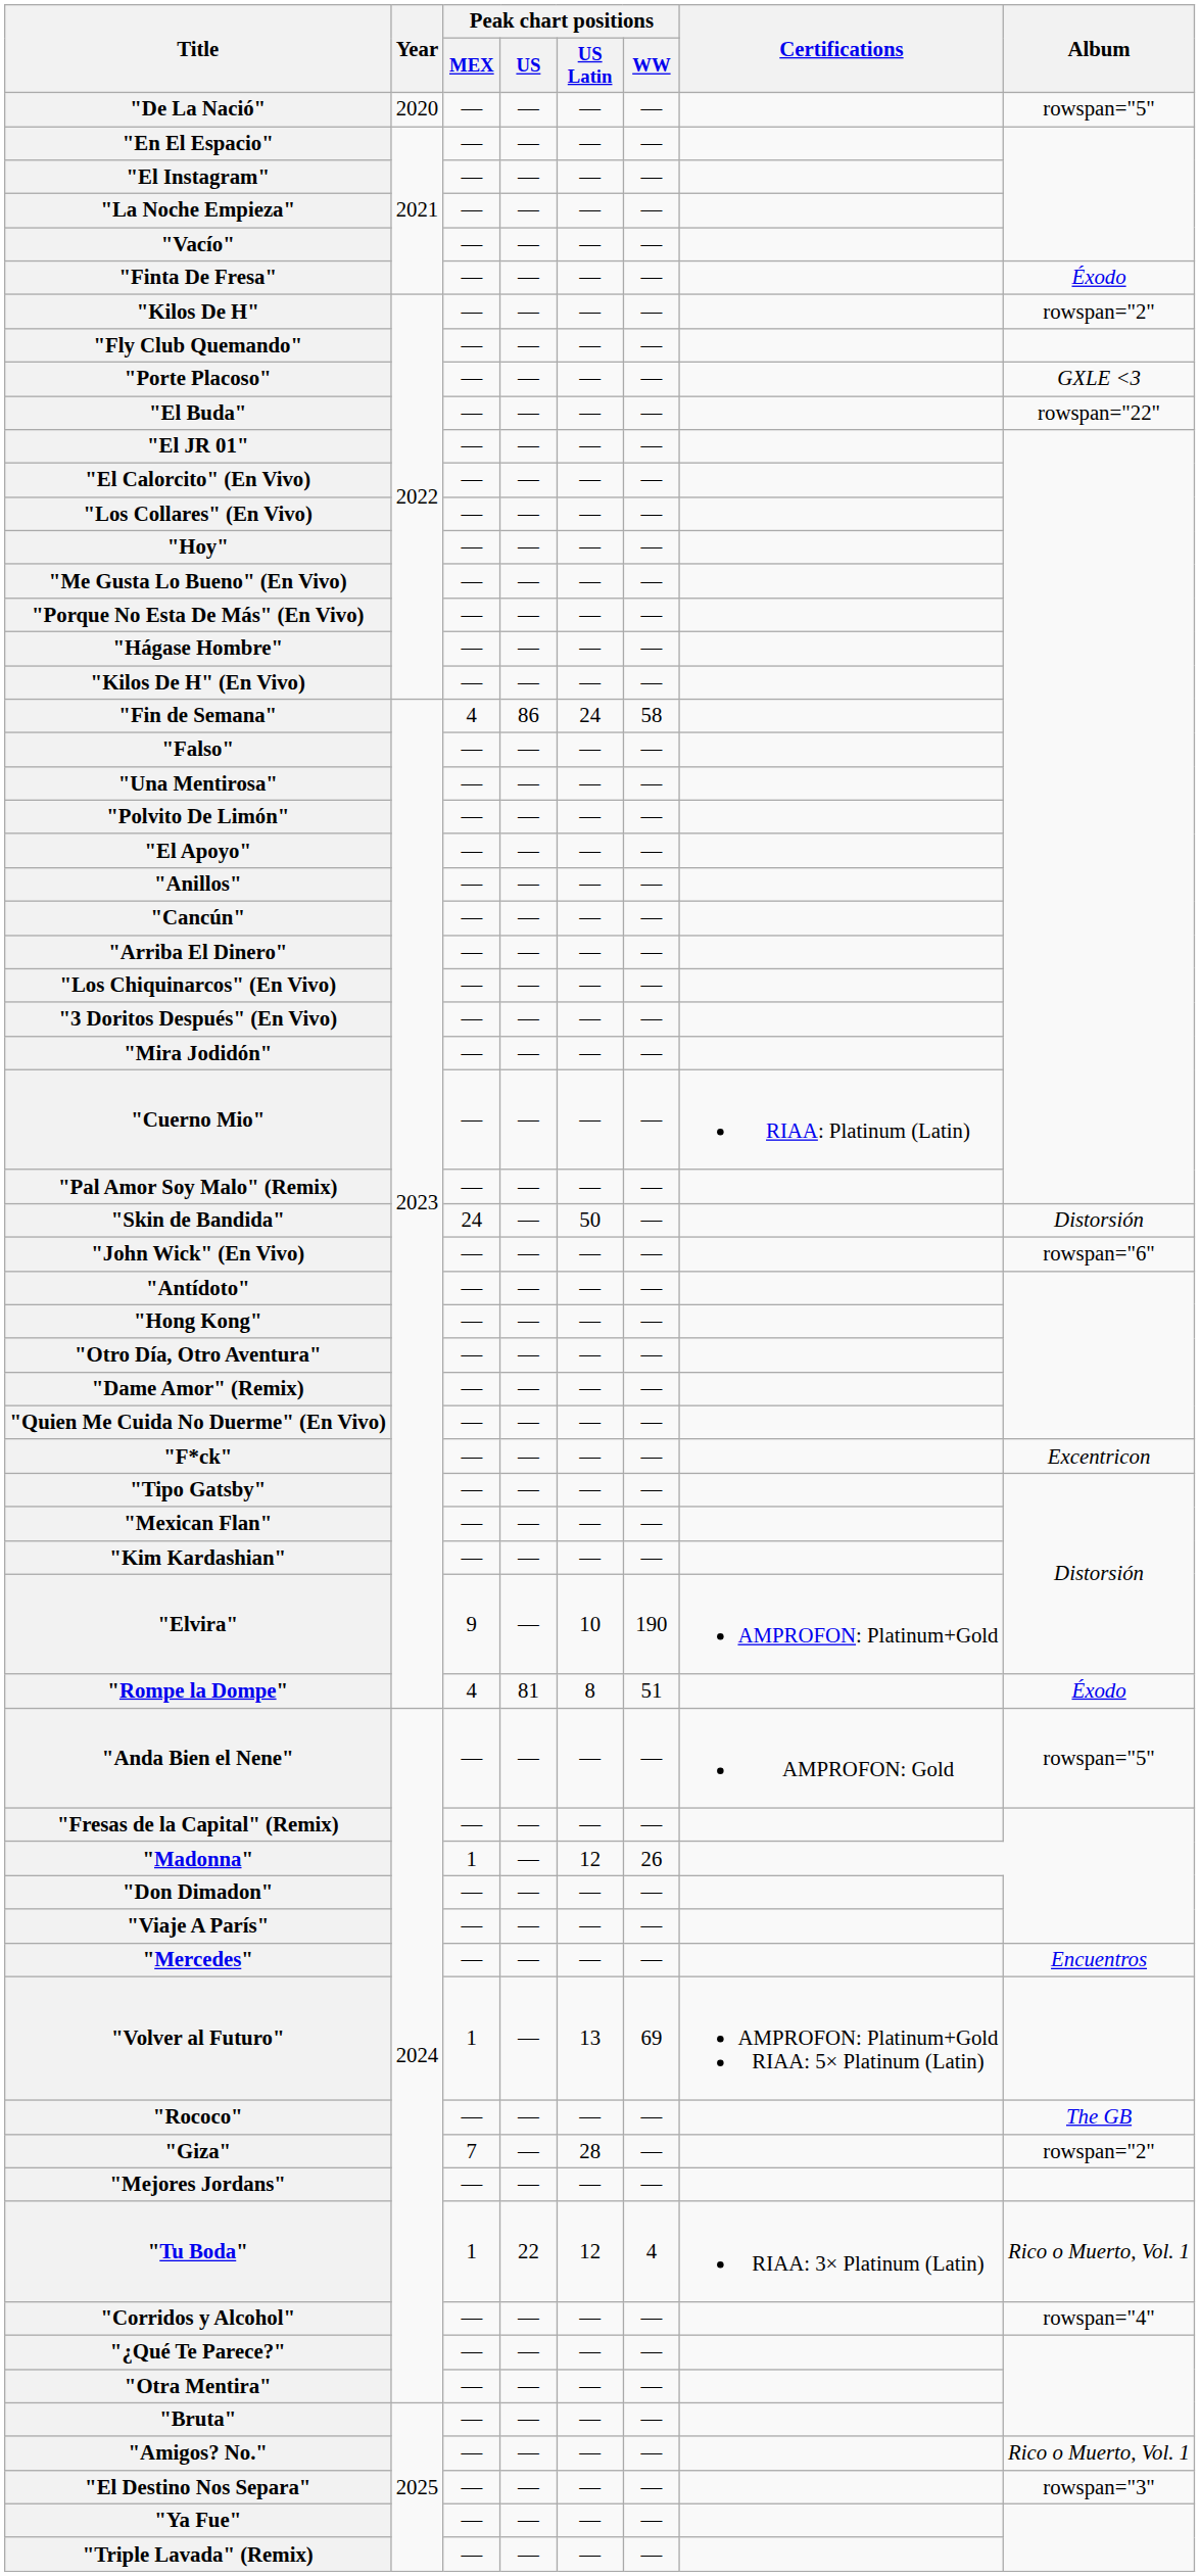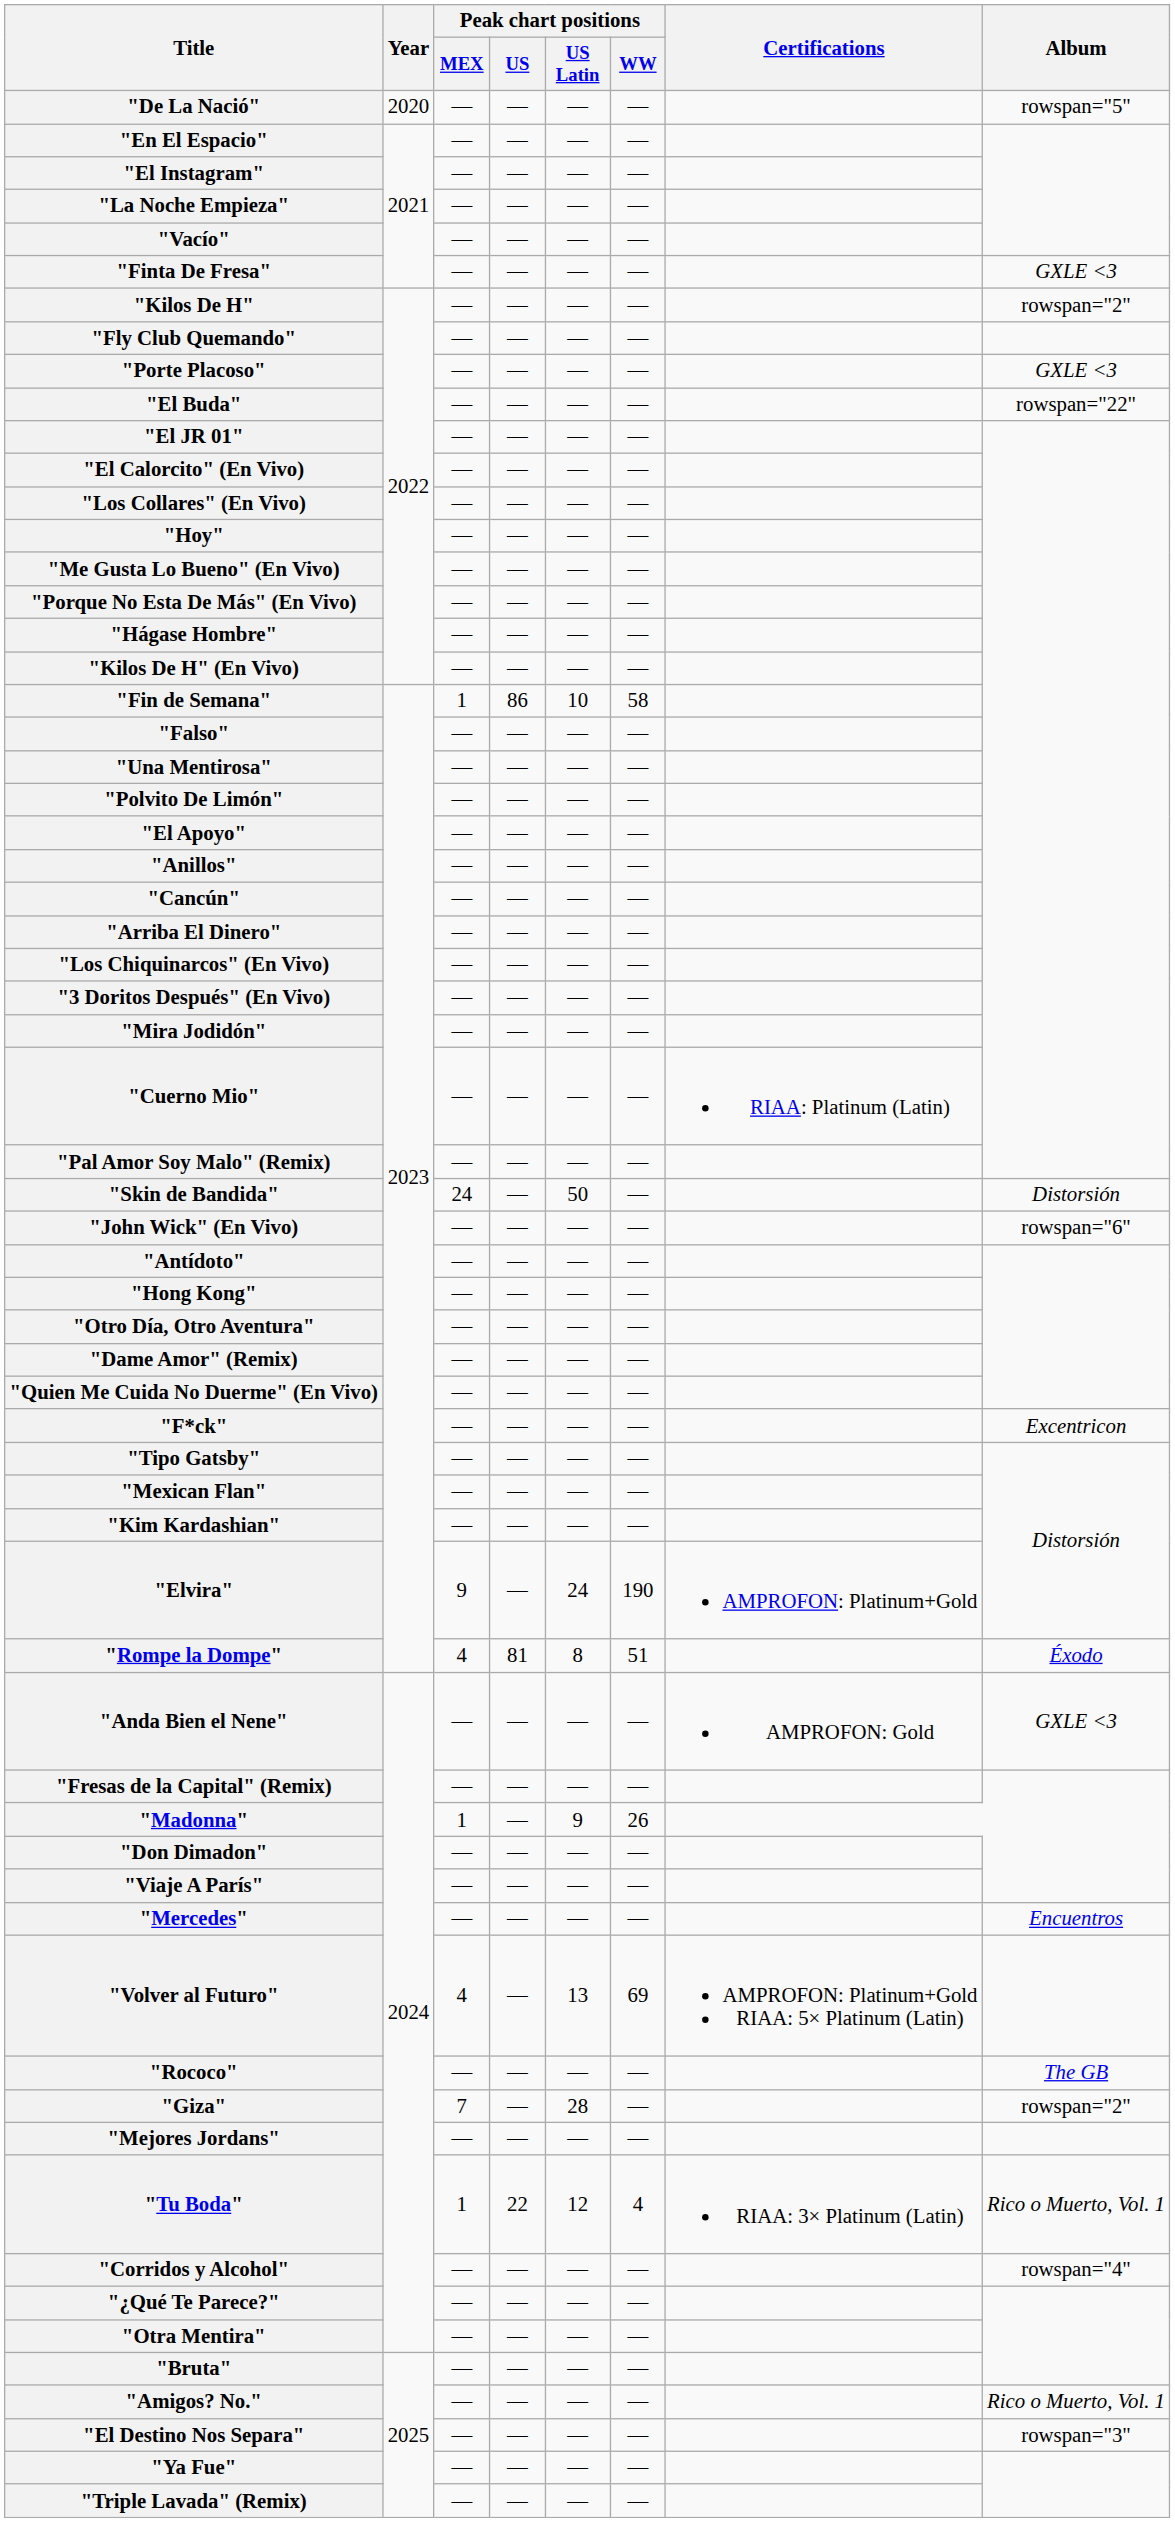 <table class="wikitable plainrowheaders" style="text-align:center;">
 <tr>
 <th scope="col" rowspan="2">Title</th>
 <th scope="col" rowspan="2">Year</th>
 <th scope="col" colspan="4">Peak chart positions</th>
 <th scope="col" rowspan="2"><a href='#'>Certifications</a></th>
 <th scope="col" rowspan="2">Album</th>
 </tr>
 <tr>
 <th scope="col" style="width:2.5em;font-size:90%;"><a href='#'>MEX</a><br></th>
 <th scope="col" style="width:2.5em;font-size:90%;"><a href='#'>US</a><br></th>
 <th scope="col" style="width:3em; font-size:90%;"><a href='#'>US<br>Latin</a><br></th>
 <th scope="col" style="width:2.5em;font-size:90%;"><a href='#'>WW</a><br></th>
 </tr>
 <tr>
 <th scope="row">"De La Nació"</th>
 <td>2020</td>
 <td>—</td>
 <td>—</td>
 <td>—</td>
 <td>—</td>
 <td></td>
 <td>rowspan="5" </td>
 </tr>
 <tr>
 <th scope="row">"En El Espacio" <br></th>
 <td rowspan="5">2021</td>
 <td>—</td>
 <td>—</td>
 <td>—</td>
 <td>—</td>
 <td></td>
 </tr>
 <tr>
 <th scope="row">"El Instagram"</th>
 <td>—</td>
 <td>—</td>
 <td>—</td>
 <td>—</td>
 <td></td>
 </tr>
 <tr>
 <th scope="row">"La Noche Empieza"<br></th>
 <td>—</td>
 <td>—</td>
 <td>—</td>
 <td>—</td>
 <td></td>
 </tr>
 <tr>
 <th scope="row">"Vacío"</th>
 <td>—</td>
 <td>—</td>
 <td>—</td>
 <td>—</td>
 <td></td>
 </tr>
 <tr>
 <th scope="row">"Finta De Fresa"<br></th>
 <td>—</td>
 <td>—</td>
 <td>—</td>
 <td>—</td>
 <td></td>
-<td><em><a href='#'>Éxodo</a></em></td>
+<td><em>GXLE <3</em></td>
 </tr>
 <tr>
 <th scope="row">"Kilos De H"</th>
 <td rowspan="12">2022</td>
 <td>—</td>
 <td>—</td>
 <td>—</td>
 <td>—</td>
 <td></td>
 <td>rowspan="2" </td>
 </tr>
 <tr>
 <th scope="row">"Fly Club Quemando"</th>
 <td>—</td>
 <td>—</td>
 <td>—</td>
 <td>—</td>
 <td></td>
 </tr>
 <tr>
 <th scope="row">"Porte Placoso"<br></th>
 <td>—</td>
 <td>—</td>
 <td>—</td>
 <td>—</td>
 <td></td>
 <td><em>GXLE <3</em></td>
 </tr>
 <tr>
 <th scope="row">"El Buda"<br></th>
 <td>—</td>
 <td>—</td>
 <td>—</td>
 <td>—</td>
 <td></td>
 <td>rowspan="22" </td>
 </tr>
 <tr>
 <th scope="row">"El JR 01"<br></th>
 <td>—</td>
 <td>—</td>
 <td>—</td>
 <td>—</td>
 <td></td>
 </tr>
 <tr>
 <th scope="row">"El Calorcito" (En Vivo)<br></th>
 <td>—</td>
 <td>—</td>
 <td>—</td>
 <td>—</td>
 <td></td>
 </tr>
 <tr>
 <th scope="row">"Los Collares" (En Vivo)<br></th>
 <td>—</td>
 <td>—</td>
 <td>—</td>
 <td>—</td>
 <td></td>
 </tr>
 <tr>
 <th scope="row">"Hoy"<br></th>
 <td>—</td>
 <td>—</td>
 <td>—</td>
 <td>—</td>
 <td></td>
 </tr>
 <tr>
 <th scope="row">"Me Gusta Lo Bueno" (En Vivo)</th>
 <td>—</td>
 <td>—</td>
 <td>—</td>
 <td>—</td>
 <td></td>
 </tr>
 <tr>
 <th scope="row">"Porque No Esta De Más" (En Vivo)<br></th>
 <td>—</td>
 <td>—</td>
 <td>—</td>
 <td>—</td>
 <td></td>
 </tr>
 <tr>
 <th scope="row">"Hágase Hombre"<br></th>
 <td>—</td>
 <td>—</td>
 <td>—</td>
 <td>—</td>
 <td></td>
 </tr>
 <tr>
 <th scope="row">"Kilos De H" (En Vivo)<br></th>
 <td>—</td>
 <td>—</td>
 <td>—</td>
 <td>—</td>
 <td></td>
 </tr>
 <tr>
 <th scope="row">"Fin de Semana"<br></th>
 <td rowspan="26">2023</td>
-<td>4</td>
+<td>1</td>
 <td>86</td>
-<td>24</td>
+<td>10</td>
 <td>58</td>
 <td></td>
 </tr>
 <tr>
 <th scope="row">"Falso"</th>
 <td>—</td>
 <td>—</td>
 <td>—</td>
 <td>—</td>
 <td></td>
 </tr>
 <tr>
 <th scope="row">"Una Mentirosa"<br></th>
 <td>—</td>
 <td>—</td>
 <td>—</td>
 <td>—</td>
 <td></td>
 </tr>
 <tr>
 <th scope="row">"Polvito De Limón"<br></th>
 <td>—</td>
 <td>—</td>
 <td>—</td>
 <td>—</td>
 <td></td>
 </tr>
 <tr>
 <th scope="row">"El Apoyo"<br></th>
 <td>—</td>
 <td>—</td>
 <td>—</td>
 <td>—</td>
 <td></td>
 </tr>
 <tr>
 <th scope="row">"Anillos"<br></th>
 <td>—</td>
 <td>—</td>
 <td>—</td>
 <td>—</td>
 <td></td>
 </tr>
 <tr>
 <th scope="row">"Cancún"</th>
 <td>—</td>
 <td>—</td>
 <td>—</td>
 <td>—</td>
 <td></td>
 </tr>
 <tr>
 <th scope="row">"Arriba El Dinero"</th>
 <td>—</td>
 <td>—</td>
 <td>—</td>
 <td>—</td>
 <td></td>
 </tr>
 <tr>
 <th scope="row">"Los Chiquinarcos" (En Vivo)<br></th>
 <td>—</td>
 <td>—</td>
 <td>—</td>
 <td>—</td>
 <td></td>
 </tr>
 <tr>
 <th scope="row">"3 Doritos Después" (En Vivo)<br></th>
 <td>—</td>
 <td>—</td>
 <td>—</td>
 <td>—</td>
 <td></td>
 </tr>
 <tr>
 <th scope="row">"Mira Jodidón"<br></th>
 <td>—</td>
 <td>—</td>
 <td>—</td>
 <td>—</td>
 <td></td>
 </tr>
 <tr>
 <th scope="row">"Cuerno Mio"<br></th>
 <td>—</td>
 <td>—</td>
 <td>—</td>
 <td>—</td>
 <td><br><ul><li><a href='#'>RIAA</a>: Platinum (Latin)</li></ul></td>
 </tr>
 <tr>
 <th scope="row">"Pal Amor Soy Malo" (Remix)<br></th>
 <td>—</td>
 <td>—</td>
 <td>—</td>
 <td>—</td>
 <td></td>
 </tr>
 <tr>
 <th scope="row">"Skin de Bandida"<br></th>
 <td>24</td>
 <td>—</td>
 <td>50</td>
 <td>—</td>
 <td></td>
 <td><em>Distorsión</em></td>
 </tr>
 <tr>
 <th scope="row">"John Wick" (En Vivo)<br></th>
 <td>—</td>
 <td>—</td>
 <td>—</td>
 <td>—</td>
 <td></td>
 <td>rowspan="6" </td>
 </tr>
 <tr>
 <th scope="row">"Antídoto"<br></th>
 <td>—</td>
 <td>—</td>
 <td>—</td>
 <td>—</td>
 <td></td>
 </tr>
 <tr>
 <th scope="row">"Hong Kong"<br></th>
 <td>—</td>
 <td>—</td>
 <td>—</td>
 <td>—</td>
 <td></td>
 </tr>
 <tr>
 <th scope="row">"Otro Día, Otro Aventura"<br></th>
 <td>—</td>
 <td>—</td>
 <td>—</td>
 <td>—</td>
 <td></td>
 </tr>
 <tr>
 <th scope="row">"Dame Amor" (Remix)<br></th>
 <td>—</td>
 <td>—</td>
 <td>—</td>
 <td>—</td>
 <td></td>
 </tr>
 <tr>
 <th scope="row">"Quien Me Cuida No Duerme" (En Vivo)<br></th>
 <td>—</td>
 <td>—</td>
 <td>—</td>
 <td>—</td>
 <td></td>
 </tr>
 <tr>
 <th scope="row">"F*ck"<br></th>
 <td>—</td>
 <td>—</td>
 <td>—</td>
 <td>—</td>
 <td></td>
 <td><em>Excentricon</em></td>
 </tr>
 <tr>
 <th scope="row">"Tipo Gatsby"<br></th>
 <td>—</td>
 <td>—</td>
 <td>—</td>
 <td>—</td>
 <td></td>
 <td rowspan="4"><em>Distorsión</em></td>
 </tr>
 <tr>
 <th scope="row">"Mexican Flan"<br></th>
 <td>—</td>
 <td>—</td>
 <td>—</td>
 <td>—</td>
 <td></td>
 </tr>
 <tr>
 <th scope="row">"Kim Kardashian"<br></th>
 <td>—</td>
 <td>—</td>
 <td>—</td>
 <td>—</td>
 <td></td>
 </tr>
 <tr>
 <th scope="row">"Elvira"<br></th>
 <td>9</td>
 <td>—</td>
-<td>10</td>
+<td>24</td>
 <td>190</td>
 <td><br><ul><li><a href='#'>AMPROFON</a>: Platinum+Gold</li></ul></td>
 </tr>
 <tr>
 <th scope="row">"<a href='#'>Rompe la Dompe</a>"<br></th>
 <td>4</td>
 <td>81</td>
 <td>8</td>
 <td>51</td>
 <td></td>
 <td><em><a href='#'>Éxodo</a></em></td>
 </tr>
 <tr>
 <th scope="row">"Anda Bien el Nene"<br></th>
 <td rowspan="14">2024</td>
 <td>—</td>
 <td>—</td>
 <td>—</td>
 <td>—</td>
 <td><br><ul><li>AMPROFON: Gold</li></ul></td>
-<td>rowspan="5" </td>
+<td><em>GXLE <3</em></td>
 </tr>
 <tr>
 <th scope="row">"Fresas de la Capital" (Remix)<br></th>
 <td>—</td>
 <td>—</td>
 <td>—</td>
 <td>—</td>
 <td></td>
 </tr>
 <tr>
 <th scope="row">"<a href='#'>Madonna</a>"<br></th>
 <td>1</td>
 <td>—</td>
-<td>12</td>
+<td>9</td>
 <td>26</td>
 </tr>
 <tr>
 <th scope="row">"Don Dimadon"<br></th>
 <td>—</td>
 <td>—</td>
 <td>—</td>
 <td>—</td>
 <td></td>
 </tr>
 <tr>
 <th scope="row">"Viaje A París"<br></th>
 <td>—</td>
 <td>—</td>
 <td>—</td>
 <td>—</td>
 <td></td>
 </tr>
 <tr>
 <th scope="row">"<a href='#'>Mercedes</a>"<br></th>
 <td>—</td>
 <td>—</td>
 <td>—</td>
 <td>—</td>
 <td></td>
 <td><em><a href='#'>Encuentros</a></em></td>
 </tr>
 <tr>
 <th scope="row">"Volver al Futuro"<br></th>
-<td>1</td>
+<td>4</td>
 <td>—</td>
 <td>13</td>
 <td>69</td>
 <td><br><ul><li>AMPROFON: Platinum+Gold</li><li>RIAA: 5× Platinum (Latin)</li></ul></td>
 <td></td>
 </tr>
 <tr>
 <th scope="row">"Rococo"<br></th>
 <td>—</td>
 <td>—</td>
 <td>—</td>
 <td>—</td>
 <td></td>
 <td><em><a href='#'>The GB</a></em></td>
 </tr>
 <tr>
 <th scope="row">"Giza"<br></th>
 <td>7</td>
 <td>—</td>
 <td>28</td>
 <td>—</td>
 <td></td>
 <td>rowspan="2" </td>
 </tr>
 <tr>
 <th scope="row">"Mejores Jordans"<br></th>
 <td>—</td>
 <td>—</td>
 <td>—</td>
 <td>—</td>
 <td></td>
 </tr>
 <tr>
 <th scope="row">"<a href='#'>Tu Boda</a>"<br></th>
 <td>1</td>
 <td>22</td>
 <td>12</td>
 <td>4</td>
 <td><br><ul><li>RIAA: 3× Platinum (Latin)</li></ul></td>
 <td><em>Rico o Muerto, Vol. 1</em></td>
 </tr>
 <tr>
 <th scope="row">"Corridos y Alcohol"<br></th>
 <td>—</td>
 <td>—</td>
 <td>—</td>
 <td>—</td>
 <td></td>
 <td>rowspan="4" </td>
 </tr>
 <tr>
 <th scope="row">"¿Qué Te Parece?" <br></th>
 <td>—</td>
 <td>—</td>
 <td>—</td>
 <td>—</td>
 <td></td>
 </tr>
 <tr>
 <th scope="row">"Otra Mentira"</th>
 <td>—</td>
 <td>—</td>
 <td>—</td>
 <td>—</td>
 <td></td>
 </tr>
 <tr>
 <th scope="row">"Bruta"<br></th>
 <td rowspan="5">2025</td>
 <td>—</td>
 <td>—</td>
 <td>—</td>
 <td>—</td>
 <td></td>
 </tr>
 <tr>
 <th scope="row">"Amigos? No."<br></th>
 <td>—</td>
 <td>—</td>
 <td>—</td>
 <td>—</td>
 <td></td>
 <td><em>Rico o Muerto, Vol. 1</em></td>
 </tr>
 <tr>
 <th scope="row">"El Destino Nos Separa"<br></th>
 <td>—</td>
 <td>—</td>
 <td>—</td>
 <td>—</td>
 <td></td>
 <td>rowspan="3" </td>
 </tr>
 <tr>
 <th scope="row">"Ya Fue"<br></th>
 <td>—</td>
 <td>—</td>
 <td>—</td>
 <td>—</td>
 <td></td>
 </tr>
 <tr>
 <th scope="row">"Triple Lavada" (Remix)<br></th>
 <td>—</td>
 <td>—</td>
 <td>—</td>
 <td>—</td>
 <td></td>
 </tr>
 </table>
